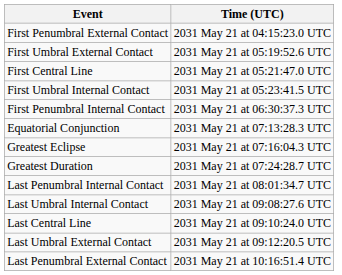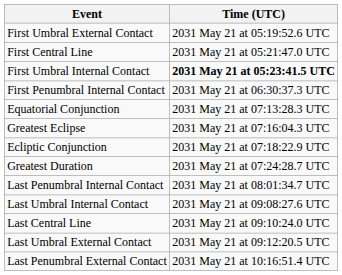 <table class="wikitable">
 <tr>
 <th>Event</th>
 <th>Time (UTC)</th>
-</tr>
-<tr>
-<td>First Penumbral External Contact</td>
-<td>2031 May 21 at 04:15:23.0 UTC</td>
 </tr>
 <tr>
 <td>First Umbral External Contact</td>
 <td>2031 May 21 at 05:19:52.6 UTC</td>
 </tr>
 <tr>
 <td>First Central Line</td>
 <td>2031 May 21 at 05:21:47.0 UTC</td>
 </tr>
 <tr>
 <td>First Umbral Internal Contact</td>
-<td>2031 May 21 at 05:23:41.5 UTC</td>
+<td><strong>2031 May 21 at 05:23:41.5 UTC</strong></td>
 </tr>
 <tr>
 <td>First Penumbral Internal Contact</td>
 <td>2031 May 21 at 06:30:37.3 UTC</td>
 </tr>
 <tr>
 <td>Equatorial Conjunction</td>
 <td>2031 May 21 at 07:13:28.3 UTC</td>
 </tr>
 <tr>
 <td>Greatest Eclipse</td>
 <td>2031 May 21 at 07:16:04.3 UTC</td>
+</tr>
+<tr>
+<td>Ecliptic Conjunction</td>
+<td>2031 May 21 at 07:18:22.9 UTC</td>
 </tr>
 <tr>
 <td>Greatest Duration</td>
 <td>2031 May 21 at 07:24:28.7 UTC</td>
 </tr>
 <tr>
 <td>Last Penumbral Internal Contact</td>
 <td>2031 May 21 at 08:01:34.7 UTC</td>
 </tr>
 <tr>
 <td>Last Umbral Internal Contact</td>
 <td>2031 May 21 at 09:08:27.6 UTC</td>
 </tr>
 <tr>
 <td>Last Central Line</td>
 <td>2031 May 21 at 09:10:24.0 UTC</td>
 </tr>
 <tr>
 <td>Last Umbral External Contact</td>
 <td>2031 May 21 at 09:12:20.5 UTC</td>
 </tr>
 <tr>
 <td>Last Penumbral External Contact</td>
 <td>2031 May 21 at 10:16:51.4 UTC</td>
 </tr>
 </table>
